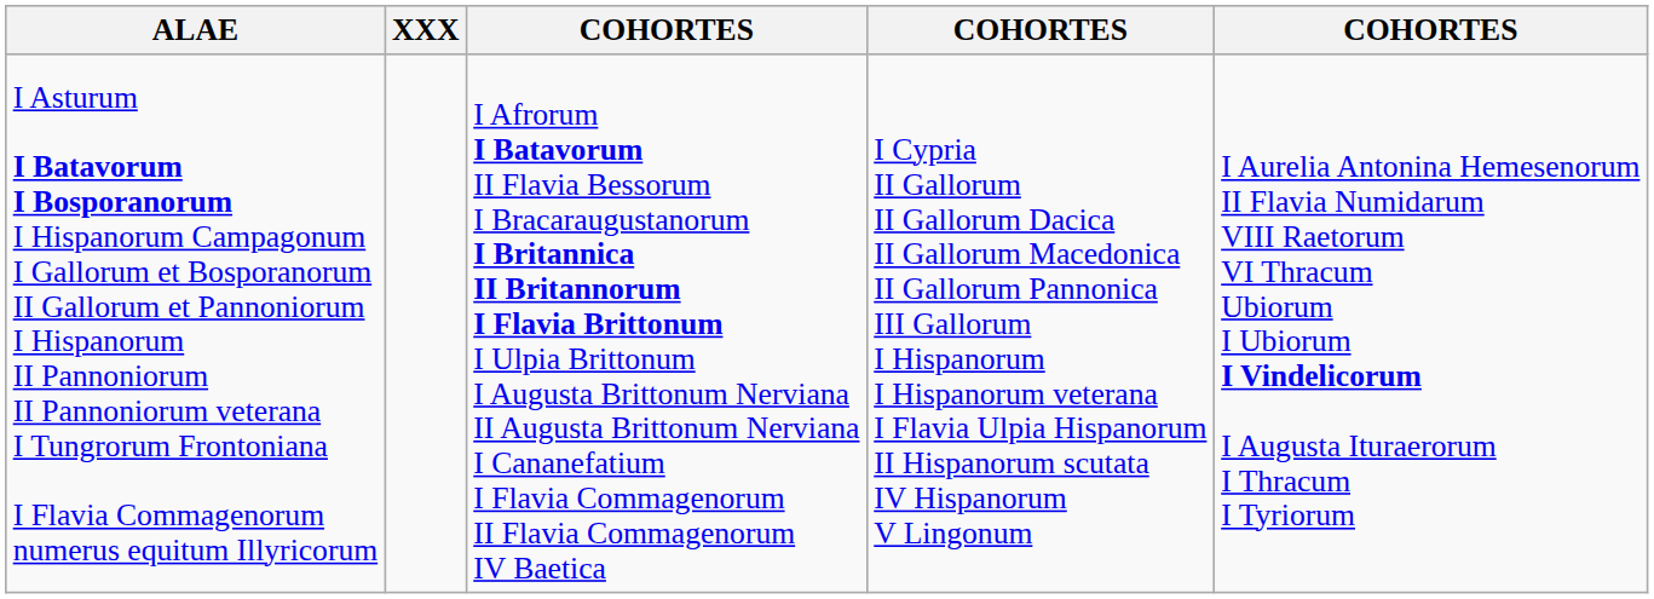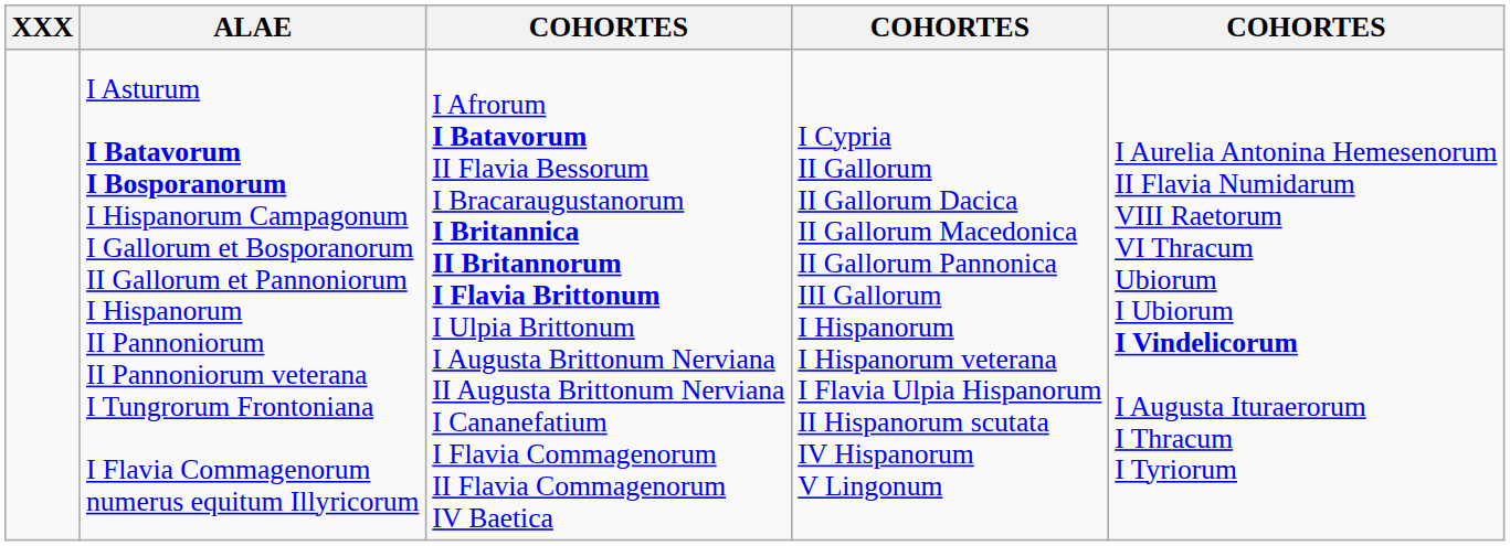 <table class=wikitable>
 <tr>
+<th>XXX</th>
 <th>ALAE</th>
-<th>XXX</th>
 <th>COHORTES</th>
 <th>COHORTES</th>
 <th>COHORTES</th>
 </tr>
 <tr>
+<td></td>
 <td><a href='#'>I Asturum</a><br><br><strong><a href='#'>I Batavorum</a></strong><br> <strong><a href='#'>I Bosporanorum</a></strong><br> <a href='#'>I Hispanorum Campagonum</a><br> <a href='#'>I Gallorum et Bosporanorum</a><br> <a href='#'>II Gallorum et Pannoniorum</a><br> <a href='#'>I Hispanorum</a><br> <a href='#'>II Pannoniorum</a><br> <a href='#'>II Pannoniorum veterana</a><br> <a href='#'>I Tungrorum Frontoniana</a><br> <br> <a href='#'>I Flavia Commagenorum  </a><br> <a href='#'>numerus equitum Illyricorum</a></td>
-<td></td>
 <td><br><a href='#'>I Afrorum  </a><br> <strong><a href='#'>I Batavorum   </a></strong><br> <a href='#'>II Flavia Bessorum</a><br> <a href='#'>I Bracaraugustanorum</a><br> <strong><a href='#'>I Britannica  </a></strong><br> <strong><a href='#'>II Britannorum </a></strong><br> <strong><a href='#'>I Flavia Brittonum </a></strong><br> <a href='#'>I Ulpia Brittonum</a><br> <a href='#'>I Augusta Brittonum Nerviana</a><br> <a href='#'>II Augusta Brittonum Nerviana</a><br> <a href='#'>I Cananefatium</a><br> <a href='#'>I Flavia Commagenorum</a><br> <a href='#'>II Flavia Commagenorum</a><br> <a href='#'>IV Baetica</a></td>
 <td><br><a href='#'>I Cypria </a><br> <a href='#'>II Gallorum</a><br> <a href='#'>II Gallorum Dacica</a><br> <a href='#'>II Gallorum Macedonica </a><br> <a href='#'>II Gallorum Pannonica</a><br> <a href='#'>III Gallorum</a><br> <a href='#'>I Hispanorum</a><br> <a href='#'>I Hispanorum veterana </a><br> <a href='#'>I Flavia Ulpia Hispanorum  </a><br> <a href='#'>II Hispanorum scutata </a><br> <a href='#'>IV Hispanorum </a><br> <a href='#'>V Lingonum</a></td>
 <td><br><a href='#'>I Aurelia Antonina Hemesenorum</a><br> <a href='#'>II Flavia Numidarum</a><br> <a href='#'>VIII Raetorum  </a><br> <a href='#'>VI Thracum </a><br> <a href='#'>Ubiorum </a><br> <a href='#'>I Ubiorum</a><br> <strong><a href='#'>I Vindelicorum  </a></strong><br> <br> <a href='#'>I Augusta Ituraerorum  </a><br> <a href='#'>I Thracum </a><br> <a href='#'>I Tyriorum </a></td>
 </tr>
 </table>
